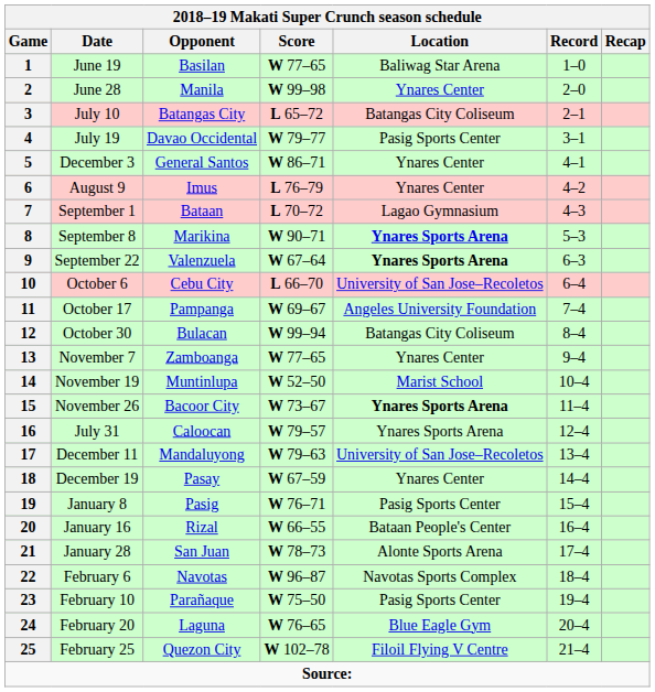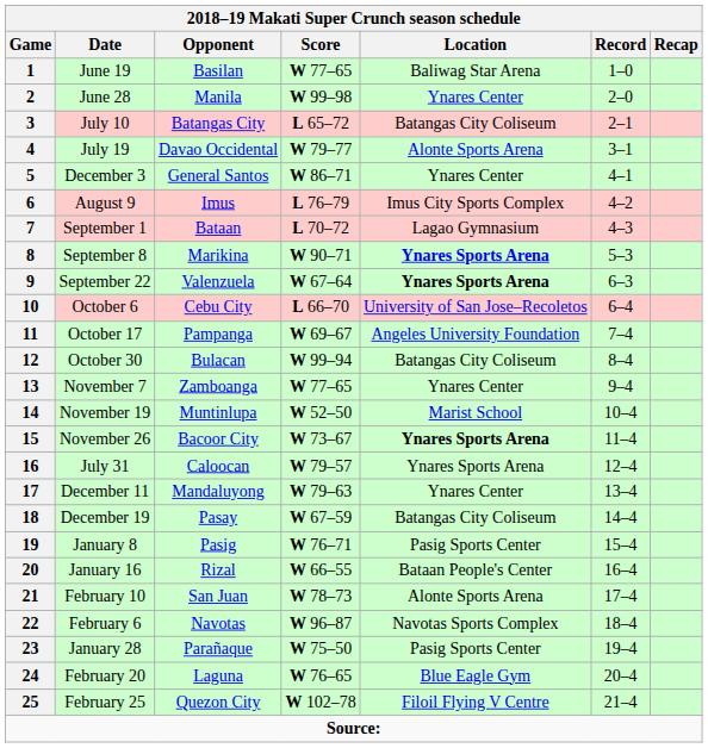 <table class="wikitable" style="text-align:center">
 <tr>
 <th colspan=7>2018–19 Makati Super Crunch season schedule</th>
 </tr>
 <tr>
 <th>Game</th>
 <th>Date</th>
 <th>Opponent</th>
 <th>Score</th>
 <th>Location</th>
 <th>Record</th>
 <th>Recap<br></th>
 </tr>
 <tr style="background:#cfc">
 <th>1</th>
 <td>June 19</td>
 <td><a href='#'>Basilan</a></td>
 <td><strong>W</strong> 77–65</td>
 <td>Baliwag Star Arena</td>
 <td>1–0</td>
 <td></td>
 </tr>
 <tr style="background:#cfc">
 <th>2</th>
 <td>June 28</td>
 <td><a href='#'>Manila</a></td>
 <td><strong>W</strong> 99–98</td>
 <td><a href='#'>Ynares Center</a></td>
 <td>2–0</td>
 <td></td>
 </tr>
 <tr style="background:#fcc">
 <th>3</th>
 <td>July 10</td>
 <td><a href='#'>Batangas City</a></td>
 <td><strong>L</strong> 65–72</td>
 <td>Batangas City Coliseum</td>
 <td>2–1</td>
 <td></td>
 </tr>
 <tr style="background:#cfc">
 <th>4</th>
 <td>July 19</td>
 <td><a href='#'>Davao Occidental</a></td>
 <td><strong>W</strong> 79–77</td>
-<td>Pasig Sports Center</td>
+<td><a href='#'>Alonte Sports Arena</a></td>
 <td>3–1</td>
 <td></td>
 </tr>
 <tr style="background:#cfc">
 <th>5</th>
 <td>December 3</td>
 <td><a href='#'>General Santos</a></td>
 <td><strong>W</strong> 86–71</td>
 <td>Ynares Center</td>
 <td>4–1</td>
 <td></td>
 </tr>
 <tr style="background:#fcc">
 <th>6</th>
 <td>August 9</td>
 <td><a href='#'>Imus</a></td>
 <td><strong>L</strong> 76–79</td>
-<td>Ynares Center</td>
+<td>Imus City Sports Complex</td>
 <td>4–2</td>
 <td></td>
 </tr>
 <tr style="background:#fcc">
 <th>7</th>
 <td>September 1</td>
 <td><a href='#'>Bataan</a></td>
 <td><strong>L</strong> 70–72</td>
 <td>Lagao Gymnasium</td>
 <td>4–3</td>
 <td></td>
 </tr>
 <tr style="background:#cfc">
 <th>8</th>
 <td>September 8</td>
 <td><a href='#'>Marikina</a></td>
 <td><strong>W</strong> 90–71</td>
 <td><strong><a href='#'>Ynares Sports Arena</a></strong></td>
 <td>5–3</td>
 <td></td>
 </tr>
 <tr style="background:#cfc">
 <th>9</th>
 <td>September 22</td>
 <td><a href='#'>Valenzuela</a></td>
 <td><strong>W</strong> 67–64</td>
 <td><strong>Ynares Sports Arena</strong></td>
 <td>6–3</td>
 <td><br></td>
 </tr>
 <tr style="background:#fcc">
 <th>10</th>
 <td>October 6</td>
 <td><a href='#'>Cebu City</a></td>
 <td><strong>L</strong> 66–70</td>
 <td><a href='#'>University of San Jose–Recoletos</a></td>
 <td>6–4</td>
 <td></td>
 </tr>
 <tr style="background:#cfc">
 <th>11</th>
 <td>October 17</td>
 <td><a href='#'>Pampanga</a></td>
 <td><strong>W</strong> 69–67</td>
 <td><a href='#'>Angeles University Foundation</a></td>
 <td>7–4</td>
 <td></td>
 </tr>
 <tr style="background:#cfc">
 <th>12</th>
 <td>October 30</td>
 <td><a href='#'>Bulacan</a></td>
 <td><strong>W</strong> 99–94</td>
 <td>Batangas City Coliseum</td>
 <td>8–4</td>
 <td></td>
 </tr>
 <tr style="background:#cfc">
 <th>13</th>
 <td>November 7</td>
 <td><a href='#'>Zamboanga</a></td>
 <td><strong>W</strong> 77–65</td>
 <td>Ynares Center</td>
 <td>9–4</td>
 <td></td>
 </tr>
 <tr style="background:#cfc">
 <th>14</th>
 <td>November 19</td>
 <td><a href='#'>Muntinlupa</a></td>
 <td><strong>W</strong> 52–50</td>
 <td><a href='#'>Marist School</a></td>
 <td>10–4</td>
 <td></td>
 </tr>
 <tr style="background:#cfc">
 <th>15</th>
 <td>November 26</td>
 <td><a href='#'>Bacoor City</a></td>
 <td><strong>W</strong> 73–67</td>
 <td><strong>Ynares Sports Arena</strong></td>
 <td>11–4</td>
 <td></td>
 </tr>
 <tr style="background:#cfc">
 <th>16</th>
 <td>July 31</td>
 <td><a href='#'>Caloocan</a></td>
 <td><strong>W</strong> 79–57</td>
 <td>Ynares Sports Arena</td>
 <td>12–4</td>
 <td></td>
 </tr>
 <tr style="background:#cfc">
 <th>17</th>
 <td>December 11</td>
 <td><a href='#'>Mandaluyong</a></td>
 <td><strong>W</strong> 79–63</td>
-<td><a href='#'>University of San Jose–Recoletos</a></td>
+<td>Ynares Center</td>
 <td>13–4</td>
 <td></td>
 </tr>
 <tr style="background:#cfc">
 <th>18</th>
 <td>December 19</td>
 <td><a href='#'>Pasay</a></td>
 <td><strong>W</strong> 67–59</td>
-<td>Ynares Center</td>
+<td>Batangas City Coliseum</td>
 <td>14–4</td>
 <td><br></td>
 </tr>
 <tr style="background:#cfc">
 <th>19</th>
 <td>January 8</td>
 <td><a href='#'>Pasig</a></td>
 <td><strong>W</strong> 76–71</td>
 <td>Pasig Sports Center</td>
 <td>15–4</td>
 <td></td>
 </tr>
 <tr style="background:#cfc">
 <th>20</th>
 <td>January 16</td>
 <td><a href='#'>Rizal</a></td>
 <td><strong>W</strong> 66–55</td>
 <td>Bataan People's Center</td>
 <td>16–4</td>
 <td></td>
 </tr>
 <tr style="background:#cfc">
 <th>21</th>
-<td>January 28</td>
+<td>February 10</td>
 <td><a href='#'>San Juan</a></td>
 <td><strong>W</strong> 78–73</td>
 <td>Alonte Sports Arena</td>
 <td>17–4</td>
 <td></td>
 </tr>
 <tr style="background:#cfc">
 <th>22</th>
 <td>February 6</td>
 <td><a href='#'>Navotas</a></td>
 <td><strong>W</strong> 96–87</td>
 <td>Navotas Sports Complex</td>
 <td>18–4</td>
 <td></td>
 </tr>
 <tr style="background:#cfc">
 <th>23</th>
-<td>February 10</td>
+<td>January 28</td>
 <td><a href='#'>Parañaque</a></td>
 <td><strong>W</strong> 75–50</td>
 <td>Pasig Sports Center</td>
 <td>19–4</td>
 <td></td>
 </tr>
 <tr style="background:#cfc">
 <th>24</th>
 <td>February 20</td>
 <td><a href='#'>Laguna</a></td>
 <td><strong>W</strong> 76–65</td>
 <td><a href='#'>Blue Eagle Gym</a></td>
 <td>20–4</td>
 <td></td>
 </tr>
 <tr style="background:#cfc">
 <th>25</th>
 <td>February 25</td>
 <td><a href='#'>Quezon City</a></td>
 <td><strong>W</strong> 102–78</td>
 <td><a href='#'>Filoil Flying V Centre</a></td>
 <td>21–4</td>
 <td></td>
 </tr>
 <tr>
 <td colspan=7 align=center><strong>Source: </strong></td>
 </tr>
 </table>
